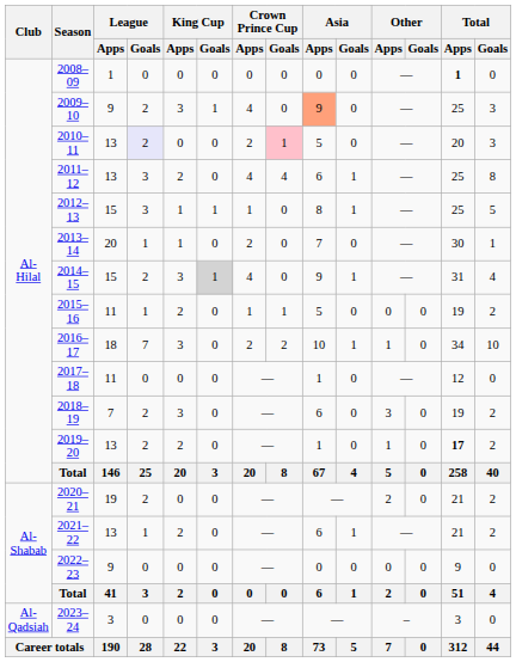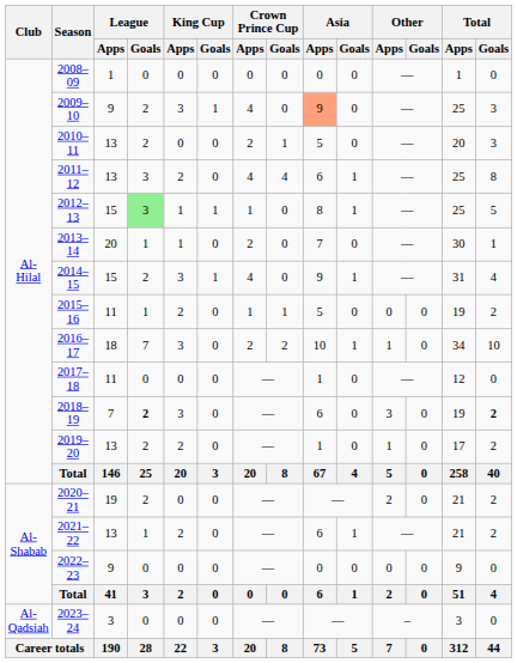 <table class="wikitable" style="text-align: center">
 <tr>
 <th rowspan=2>Club</th>
 <th rowspan=2>Season</th>
 <th colspan=2>League</th>
 <th colspan=2>King Cup</th>
 <th colspan=2>Crown Prince Cup</th>
 <th colspan=2>Asia</th>
 <th colspan=2>Other</th>
 <th colspan=2>Total</th>
 </tr>
 <tr>
 <th>Apps</th>
 <th>Goals</th>
 <th>Apps</th>
 <th>Goals</th>
 <th>Apps</th>
 <th>Goals</th>
 <th>Apps</th>
 <th>Goals</th>
 <th>Apps</th>
 <th>Goals</th>
 <th>Apps</th>
 <th>Goals</th>
 </tr>
 <tr>
 <td rowspan=13><a href='#'>Al-Hilal</a></td>
 <td><a href='#'>2008–09</a></td>
 <td>1</td>
 <td>0</td>
 <td>0</td>
 <td>0</td>
 <td>0</td>
 <td>0</td>
 <td>0</td>
 <td>0</td>
 <td colspan=2>—</td>
-<td><strong>1</strong></td>
+<td>1</td>
 <td>0</td>
 </tr>
 <tr>
 <td><a href='#'>2009–10</a></td>
 <td>9</td>
 <td>2</td>
 <td>3</td>
 <td>1</td>
 <td>4</td>
 <td>0</td>
 <td style="background: lightsalmon;">9</td>
 <td>0</td>
 <td colspan=2>—</td>
 <td>25</td>
 <td>3</td>
 </tr>
 <tr>
 <td><a href='#'>2010–11</a></td>
 <td>13</td>
-<td style="background: lavender;">2</td>
+<td>2</td>
 <td>0</td>
 <td>0</td>
 <td>2</td>
-<td style="background: pink;">1</td>
+<td>1</td>
 <td>5</td>
 <td>0</td>
 <td colspan=2>—</td>
 <td>20</td>
 <td>3</td>
 </tr>
 <tr>
 <td><a href='#'>2011–12</a></td>
 <td>13</td>
 <td>3</td>
 <td>2</td>
 <td>0</td>
 <td>4</td>
 <td>4</td>
 <td>6</td>
 <td>1</td>
 <td colspan=2>—</td>
 <td>25</td>
 <td>8</td>
 </tr>
 <tr>
 <td><a href='#'>2012–13</a></td>
 <td>15</td>
-<td>3</td>
+<td style="background: lightgreen;">3</td>
 <td>1</td>
 <td>1</td>
 <td>1</td>
 <td>0</td>
 <td>8</td>
 <td>1</td>
 <td colspan=2>—</td>
 <td>25</td>
 <td>5</td>
 </tr>
 <tr>
 <td><a href='#'>2013–14</a></td>
 <td>20</td>
 <td>1</td>
 <td>1</td>
 <td>0</td>
 <td>2</td>
 <td>0</td>
 <td>7</td>
 <td>0</td>
 <td colspan=2>—</td>
 <td>30</td>
 <td>1</td>
 </tr>
 <tr>
 <td><a href='#'>2014–15</a></td>
 <td>15</td>
 <td>2</td>
 <td>3</td>
-<td style="background: lightgrey;">1</td>
+<td>1</td>
 <td>4</td>
 <td>0</td>
 <td>9</td>
 <td>1</td>
 <td colspan=2>—</td>
 <td>31</td>
 <td>4</td>
 </tr>
 <tr>
 <td><a href='#'>2015–16</a></td>
 <td>11</td>
 <td>1</td>
 <td>2</td>
 <td>0</td>
 <td>1</td>
 <td>1</td>
 <td>5</td>
 <td>0</td>
 <td>0</td>
 <td>0</td>
 <td>19</td>
 <td>2</td>
 </tr>
 <tr>
 <td><a href='#'>2016–17</a></td>
 <td>18</td>
 <td>7</td>
 <td>3</td>
 <td>0</td>
 <td>2</td>
 <td>2</td>
 <td>10</td>
 <td>1</td>
 <td>1</td>
 <td>0</td>
 <td>34</td>
 <td>10</td>
 </tr>
 <tr>
 <td><a href='#'>2017–18</a></td>
 <td>11</td>
 <td>0</td>
 <td>0</td>
 <td>0</td>
 <td colspan=2>—</td>
 <td>1</td>
 <td>0</td>
 <td colspan=2>—</td>
 <td>12</td>
 <td>0</td>
 </tr>
 <tr>
 <td><a href='#'>2018–19</a></td>
 <td>7</td>
-<td>2</td>
+<td><strong>2</strong></td>
 <td>3</td>
 <td>0</td>
 <td colspan=2>—</td>
 <td>6</td>
 <td>0</td>
 <td>3</td>
 <td>0</td>
 <td>19</td>
-<td>2</td>
+<td><strong>2</strong></td>
 </tr>
 <tr>
 <td><a href='#'>2019–20</a></td>
 <td>13</td>
 <td>2</td>
 <td>2</td>
 <td>0</td>
 <td colspan=2>—</td>
 <td>1</td>
 <td>0</td>
 <td>1</td>
 <td>0</td>
-<td><strong>17</strong></td>
+<td>17</td>
 <td>2</td>
 </tr>
 <tr>
 <th>Total</th>
 <th>146</th>
 <th>25</th>
 <th>20</th>
 <th>3</th>
 <th>20</th>
 <th>8</th>
 <th>67</th>
 <th>4</th>
 <th>5</th>
 <th>0</th>
 <th>258</th>
 <th>40</th>
 </tr>
 <tr>
 <td rowspan=4><a href='#'>Al-Shabab</a></td>
 <td><a href='#'>2020–21</a></td>
 <td>19</td>
 <td>2</td>
 <td>0</td>
 <td>0</td>
 <td colspan=2>—</td>
 <td colspan=2>—</td>
 <td>2</td>
 <td>0</td>
 <td>21</td>
 <td>2</td>
 </tr>
 <tr>
 <td><a href='#'>2021–22</a></td>
 <td>13</td>
 <td>1</td>
 <td>2</td>
 <td>0</td>
 <td colspan=2>—</td>
 <td>6</td>
 <td>1</td>
 <td colspan=2>—</td>
 <td>21</td>
 <td>2</td>
 </tr>
 <tr>
 <td><a href='#'>2022–23</a></td>
 <td>9</td>
 <td>0</td>
 <td>0</td>
 <td>0</td>
 <td colspan=2>—</td>
 <td>0</td>
 <td>0</td>
 <td>0</td>
 <td>0</td>
 <td>9</td>
 <td>0</td>
 </tr>
 <tr>
 <th>Total</th>
 <th>41</th>
 <th>3</th>
 <th>2</th>
 <th>0</th>
 <th>0</th>
 <th>0</th>
 <th>6</th>
 <th>1</th>
 <th>2</th>
 <th>0</th>
 <th>51</th>
 <th>4</th>
 </tr>
 <tr>
 <td rowspan=1><a href='#'>Al-Qadsiah</a></td>
 <td><a href='#'>2023–24</a></td>
 <td>3</td>
 <td>0</td>
 <td>0</td>
 <td>0</td>
 <td colspan=2>—</td>
 <td colspan=2>—</td>
 <td colspan=2>–</td>
 <td>3</td>
 <td>0</td>
 </tr>
 <tr>
 <th colspan=2>Career totals</th>
 <th>190</th>
 <th>28</th>
 <th>22</th>
 <th>3</th>
 <th>20</th>
 <th>8</th>
 <th>73</th>
 <th>5</th>
 <th>7</th>
 <th>0</th>
 <th>312</th>
 <th>44</th>
 </tr>
 </table>
